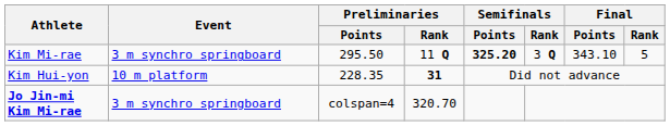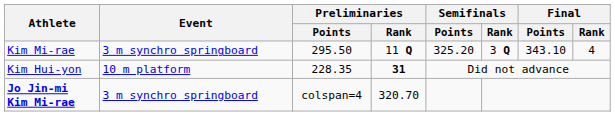 <table class="wikitable" style="text-align:center; font-size:90%; width:50%;">
 <tr>
 <th rowspan=2>Athlete</th>
 <th rowspan=2>Event</th>
 <th colspan=2>Preliminaries</th>
 <th colspan=2>Semifinals</th>
 <th colspan=2>Final</th>
 </tr>
 <tr style="font-size:95%">
 <th>Points</th>
 <th>Rank</th>
 <th>Points</th>
 <th>Rank</th>
 <th>Points</th>
 <th>Rank</th>
 </tr>
 <tr>
 <td align=left><a href='#'>Kim Mi-rae</a></td>
 <td align=left><a href='#'>3 m synchro springboard</a></td>
 <td>295.50</td>
 <td>11 <strong>Q</strong></td>
-<td><strong>325.20</strong></td>
+<td>325.20</td>
 <td>3 <strong>Q</strong></td>
 <td>343.10</td>
-<td>5</td>
+<td>4</td>
 </tr>
 <tr>
 <td align=left><a href='#'>Kim Hui-yon</a></td>
 <td align=left><a href='#'>10 m platform</a></td>
 <td>228.35</td>
 <td><strong>31</strong></td>
 <td colspan=4>Did not advance</td>
 </tr>
 <tr>
 <td align=left><strong><a href='#'>Jo Jin-mi</a><br> <a href='#'>Kim Mi-rae</a></strong></td>
 <td align=left><a href='#'>3 m synchro springboard</a></td>
 <td>colspan=4 </td>
 <td>320.70</td>
 <td></td>
 </tr>
 </table>
